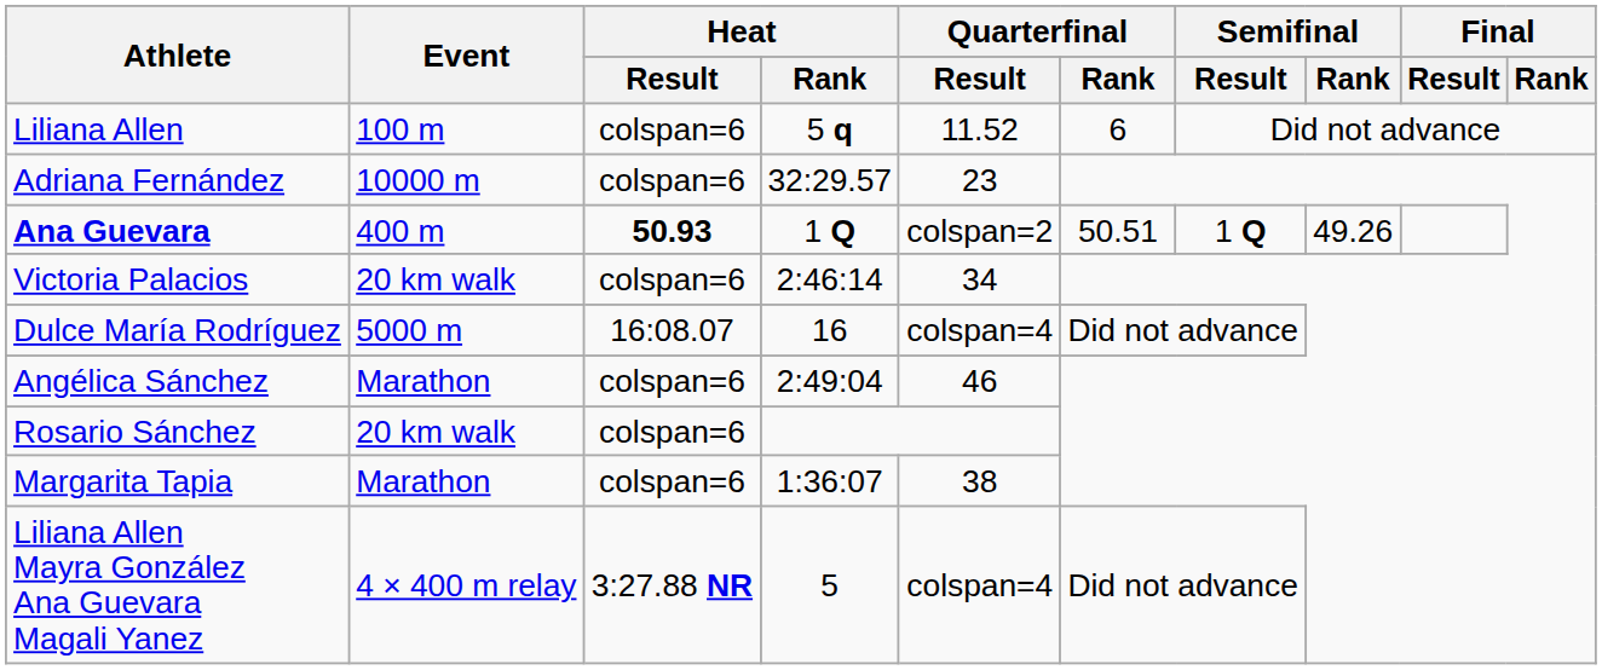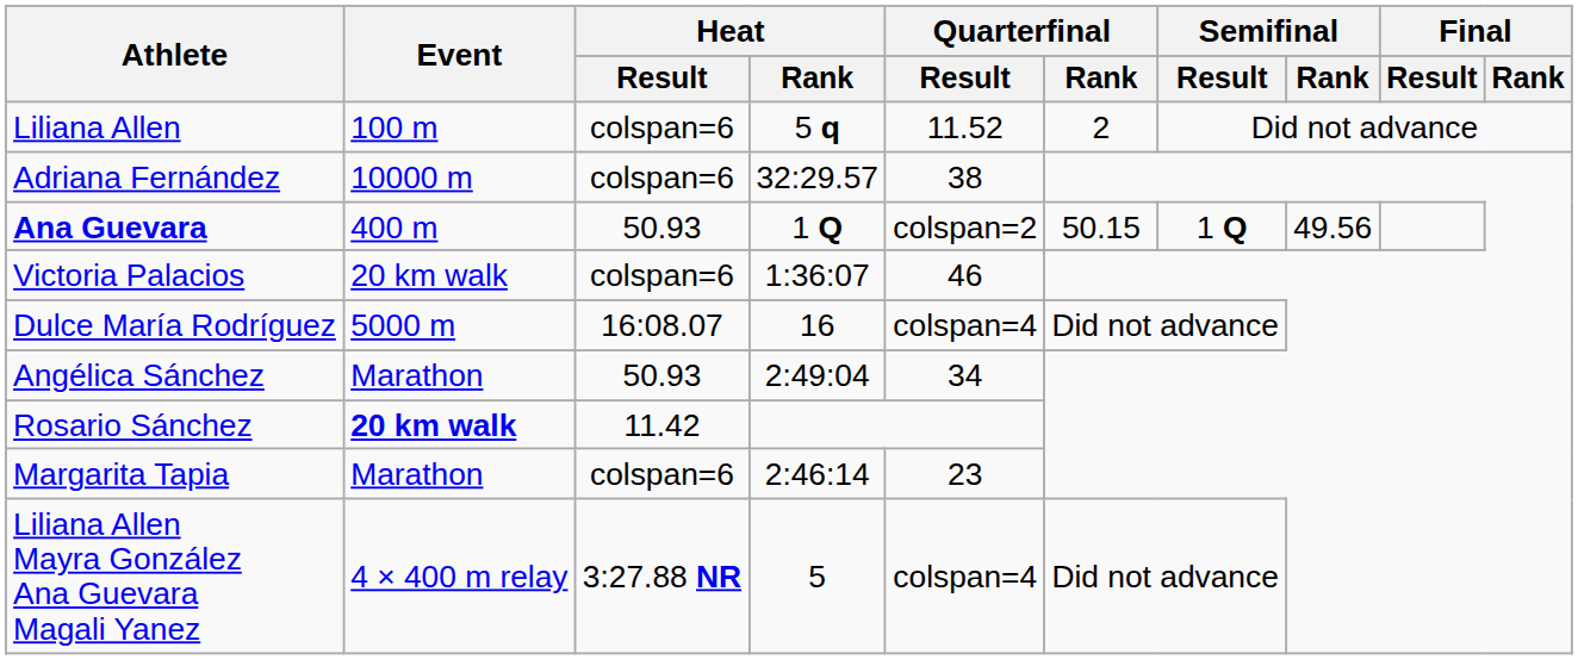 <table class=wikitable style="font-size:90%">
 <tr>
 <th rowspan="2">Athlete</th>
 <th rowspan="2">Event</th>
 <th colspan="2">Heat</th>
 <th colspan="2">Quarterfinal</th>
 <th colspan="2">Semifinal</th>
 <th colspan="2">Final</th>
 </tr>
 <tr style="font-size:95%">
 <th>Result</th>
 <th>Rank</th>
 <th>Result</th>
 <th>Rank</th>
 <th>Result</th>
 <th>Rank</th>
 <th>Result</th>
 <th>Rank</th>
 </tr>
 <tr align=center>
 <td align=left><a href='#'>Liliana Allen</a></td>
 <td align=left><a href='#'>100 m</a></td>
 <td>colspan=6 </td>
 <td>5 <strong>q</strong></td>
 <td>11.52</td>
-<td>6</td>
+<td>2</td>
 <td colspan=4>Did not advance</td>
 </tr>
 <tr align=center>
 <td align=left><a href='#'>Adriana Fernández</a></td>
 <td align=left><a href='#'>10000 m</a></td>
 <td>colspan=6 </td>
 <td>32:29.57</td>
-<td>23</td>
+<td>38</td>
 </tr>
 <tr align=center>
 <td align=left><strong><a href='#'>Ana Guevara</a></strong></td>
 <td align=left><a href='#'>400 m</a></td>
-<td><strong>50.93</strong></td>
+<td>50.93</td>
 <td>1 <strong>Q</strong></td>
 <td>colspan=2 </td>
-<td>50.51</td>
+<td>50.15</td>
 <td>1 <strong>Q</strong></td>
-<td>49.26</td>
+<td>49.56</td>
 <td></td>
 </tr>
 <tr align=center>
 <td align=left><a href='#'>Victoria Palacios</a></td>
 <td align=left><a href='#'>20 km walk</a></td>
 <td>colspan=6 </td>
-<td>2:46:14</td>
-<td>34</td>
+<td>1:36:07</td>
+<td>46</td>
 </tr>
 <tr align=center>
 <td align=left><a href='#'>Dulce María Rodríguez</a></td>
 <td align=left><a href='#'>5000 m</a></td>
 <td>16:08.07</td>
 <td>16</td>
 <td>colspan=4 </td>
 <td colspan=2>Did not advance</td>
 </tr>
 <tr align=center>
 <td align=left><a href='#'>Angélica Sánchez</a></td>
 <td align=left><a href='#'>Marathon</a></td>
-<td>colspan=6 </td>
+<td>50.93</td>
 <td>2:49:04</td>
-<td>46</td>
+<td>34</td>
 </tr>
 <tr align=center>
 <td align=left><a href='#'>Rosario Sánchez</a></td>
-<td align=left><a href='#'>20 km walk</a></td>
-<td>colspan=6 </td>
+<td align=left><strong><a href='#'>20 km walk</a></strong></td>
+<td>11.42</td>
 <td colspan=2></td>
 </tr>
 <tr align=center>
 <td align=left><a href='#'>Margarita Tapia</a></td>
 <td align=left><a href='#'>Marathon</a></td>
 <td>colspan=6 </td>
-<td>1:36:07</td>
-<td>38</td>
+<td>2:46:14</td>
+<td>23</td>
 </tr>
 <tr align=center>
 <td align=left><a href='#'>Liliana Allen</a><br><a href='#'>Mayra González</a><br><a href='#'>Ana Guevara</a><br><a href='#'>Magali Yanez</a></td>
 <td align=left><a href='#'>4 × 400 m relay</a></td>
 <td>3:27.88 <strong><a href='#'>NR</a></strong></td>
 <td>5</td>
 <td>colspan=4 </td>
 <td colspan=2>Did not advance</td>
 </tr>
 </table>
